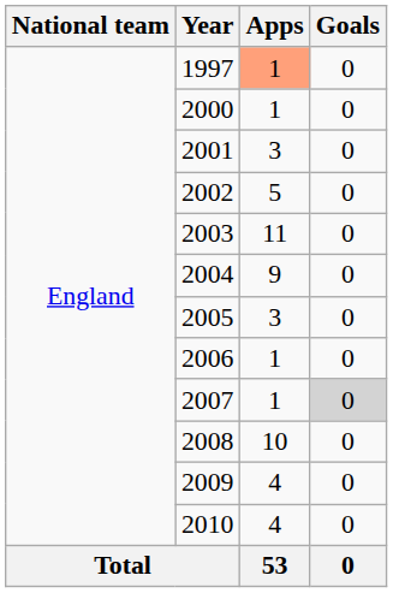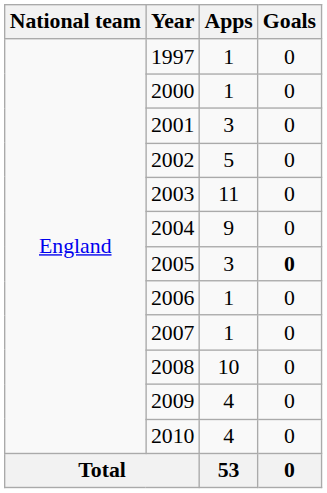 <table class="wikitable" style="text-align: center;">
 <tr>
 <th>National team</th>
 <th>Year</th>
 <th>Apps</th>
 <th>Goals</th>
 </tr>
 <tr>
 <td rowspan="12"><a href='#'>England</a></td>
 <td>1997</td>
-<td style="background: lightsalmon;">1</td>
+<td>1</td>
 <td>0</td>
 </tr>
 <tr>
 <td>2000</td>
 <td>1</td>
 <td>0</td>
 </tr>
 <tr>
 <td>2001</td>
 <td>3</td>
 <td>0</td>
 </tr>
 <tr>
 <td>2002</td>
 <td>5</td>
 <td>0</td>
 </tr>
 <tr>
 <td>2003</td>
 <td>11</td>
 <td>0</td>
 </tr>
 <tr>
 <td>2004</td>
 <td>9</td>
 <td>0</td>
 </tr>
 <tr>
 <td>2005</td>
 <td>3</td>
-<td>0</td>
+<td><strong>0</strong></td>
 </tr>
 <tr>
 <td>2006</td>
 <td>1</td>
 <td>0</td>
 </tr>
 <tr>
 <td>2007</td>
 <td>1</td>
-<td style="background: lightgrey;">0</td>
+<td>0</td>
 </tr>
 <tr>
 <td>2008</td>
 <td>10</td>
 <td>0</td>
 </tr>
 <tr>
 <td>2009</td>
 <td>4</td>
 <td>0</td>
 </tr>
 <tr>
 <td>2010</td>
 <td>4</td>
 <td>0</td>
 </tr>
 <tr>
 <th colspan="2">Total</th>
 <th>53</th>
 <th>0</th>
 </tr>
 </table>
